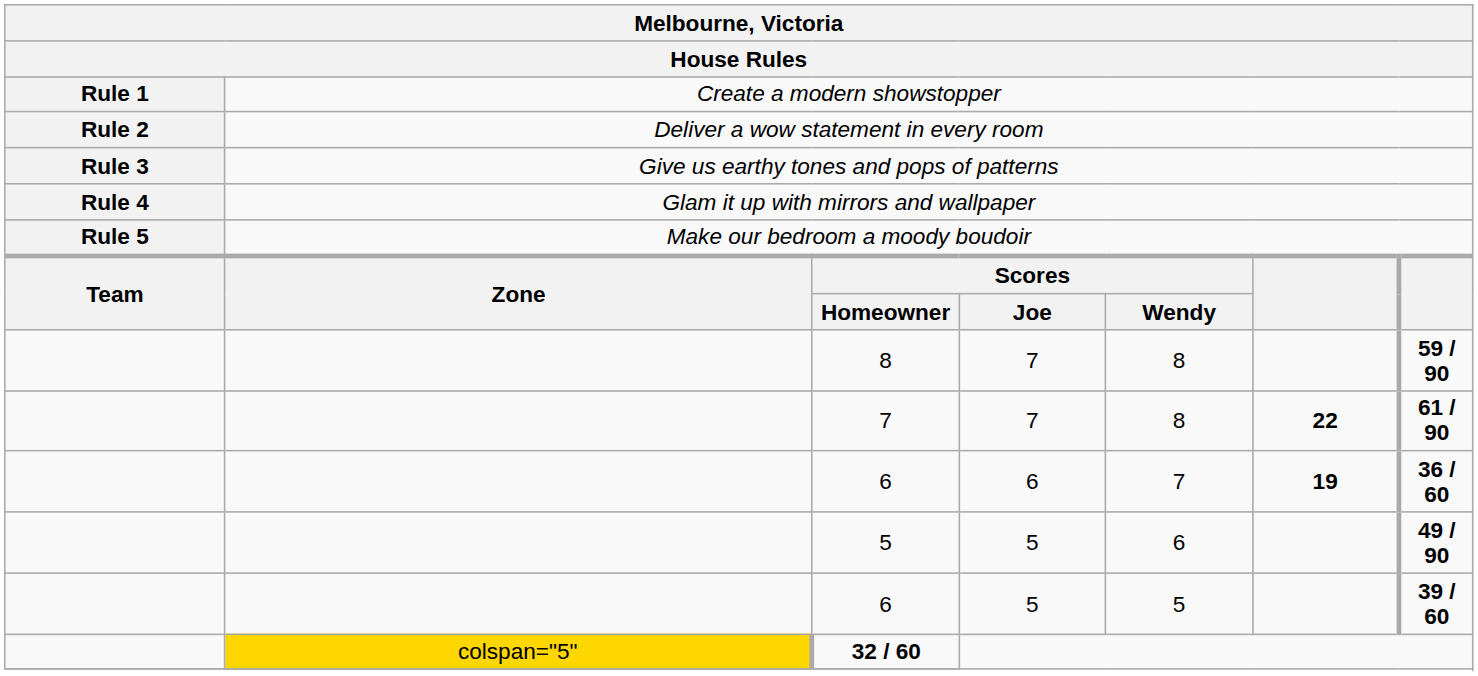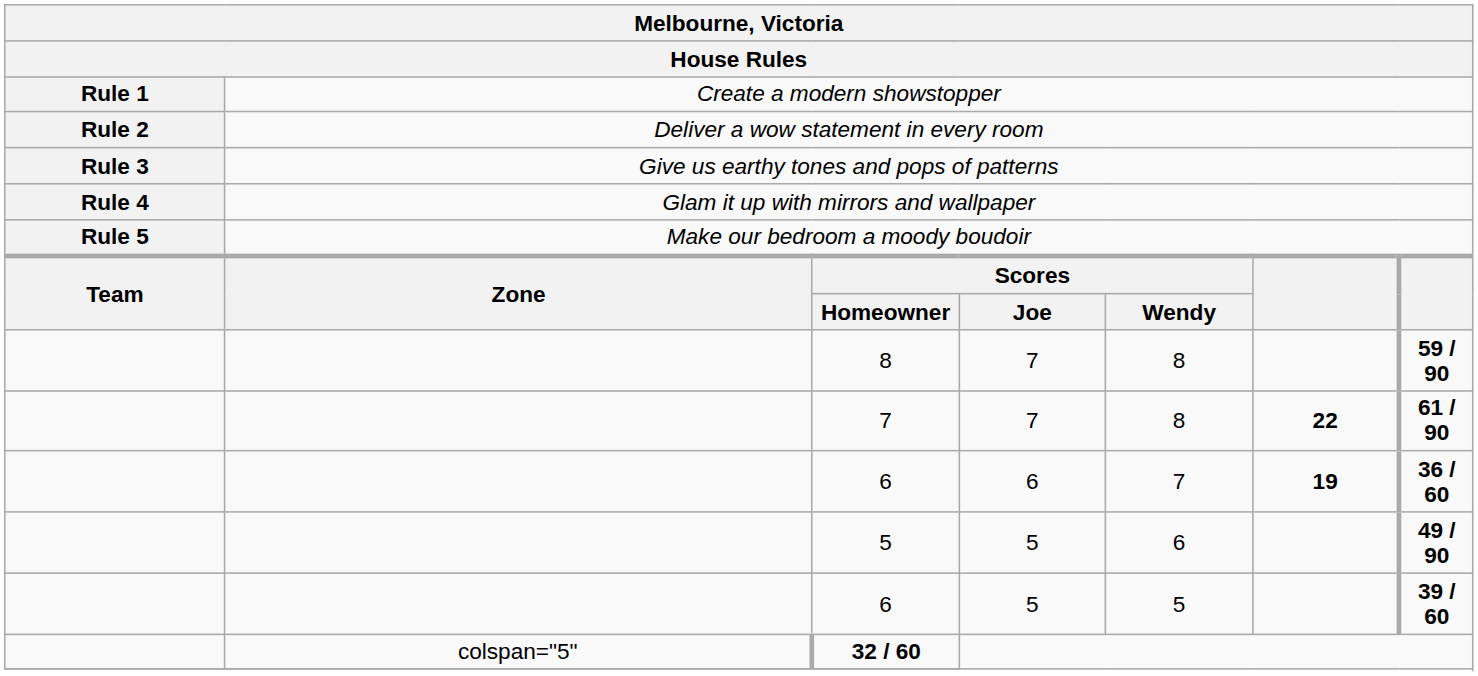 <table class="wikitable plainrowheaders" style="text-align:center; font-size:90%; width:65em;">
 <tr>
 <th colspan="7" >Melbourne, Victoria</th>
 </tr>
 <tr>
 <th colspan="7">House Rules</th>
 </tr>
 <tr>
 <th>Rule 1</th>
 <td colspan="6"><em>Create a modern showstopper</em></td>
 </tr>
 <tr>
 <th>Rule 2</th>
 <td colspan="6"><em>Deliver a wow statement in every room</em></td>
 </tr>
 <tr>
 <th>Rule 3</th>
 <td colspan="6"><em>Give us earthy tones and pops of patterns</em></td>
 </tr>
 <tr>
 <th>Rule 4</th>
 <td colspan="6"><em>Glam it up with mirrors and wallpaper</em></td>
 </tr>
 <tr>
 <th>Rule 5</th>
 <td colspan="6"><em>Make our bedroom a moody boudoir</em></td>
 </tr>
 <tr style="border-top:3px solid #aaa;">
 <th rowspan="2">Team</th>
 <th rowspan="2" style="width:40%;">Zone</th>
 <th colspan="3" style="width:40%;">Scores</th>
 <th rowspan="2" style="width:10%;"></th>
 <th rowspan="2" style="width:10%; border-left:3px solid #aaa;"></th>
 </tr>
 <tr>
 <th style="width:10%;">Homeowner</th>
 <th style="width:10%;">Joe</th>
 <th style="width:10%;">Wendy</th>
 </tr>
 <tr>
 <td style="width:15%;"></td>
 <td></td>
 <td>8</td>
 <td>7</td>
 <td>8</td>
 <td></td>
 <td style="border-left:3px solid #aaa;"><strong>59 / 90</strong></td>
 </tr>
 <tr>
 <td style="width:15%;"></td>
 <td></td>
 <td>7</td>
 <td>7</td>
 <td>8</td>
 <td><strong>22</strong></td>
 <td style="border-left:3px solid #aaa;"><strong>61 / 90</strong></td>
 </tr>
 <tr>
 <td style="width:15%;"></td>
 <td></td>
 <td>6</td>
 <td>6</td>
 <td>7</td>
 <td><strong>19</strong></td>
 <td style="border-left:3px solid #aaa;"><strong>36 / 60</strong></td>
 </tr>
 <tr>
 <td style="width:15%;"></td>
 <td></td>
 <td>5</td>
 <td>5</td>
 <td>6</td>
 <td></td>
 <td style="border-left:3px solid #aaa;"><strong>49 / 90</strong></td>
 </tr>
 <tr>
 <td style="width:15%;"></td>
 <td></td>
 <td>6</td>
 <td>5</td>
 <td>5</td>
 <td></td>
 <td style="border-left:3px solid #aaa;"><strong>39 / 60</strong></td>
 </tr>
 <tr>
 <td style="width:15%;"></td>
-<td style="background: gold;">colspan="5" </td>
+<td>colspan="5" </td>
 <td style="border-left:3px solid #aaa;"><strong>32 / 60</strong></td>
 </tr>
 <tr>
 </tr>
 </table>
